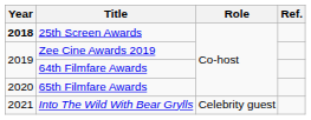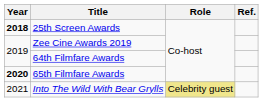 <table class="wikitable sortable plainrowheaders" style="text-align: margin;">
 <tr>
 <th scope="col">Year</th>
 <th scope="col">Title</th>
 <th scope="col">Role</th>
 <th>Ref.</th>
 </tr>
 <tr>
 <td><strong>2018</strong></td>
 <td><a href='#'>25th Screen Awards</a></td>
 <td rowspan="4">Co-host</td>
 <td></td>
 </tr>
 <tr>
 <td rowspan="2">2019</td>
 <td><a href='#'>Zee Cine Awards 2019</a></td>
 <td></td>
 </tr>
 <tr>
 <td><a href='#'>64th Filmfare Awards</a></td>
 <td></td>
 </tr>
 <tr>
-<td>2020</td>
+<td><strong>2020</strong></td>
 <td><a href='#'>65th Filmfare Awards</a></td>
 <td></td>
 </tr>
 <tr>
 <td>2021</td>
 <td><em><a href='#'>Into The Wild With Bear Grylls</a></em></td>
-<td>Celebrity guest</td>
+<td style="background: khaki;">Celebrity guest</td>
 <td></td>
 </tr>
 </table>
